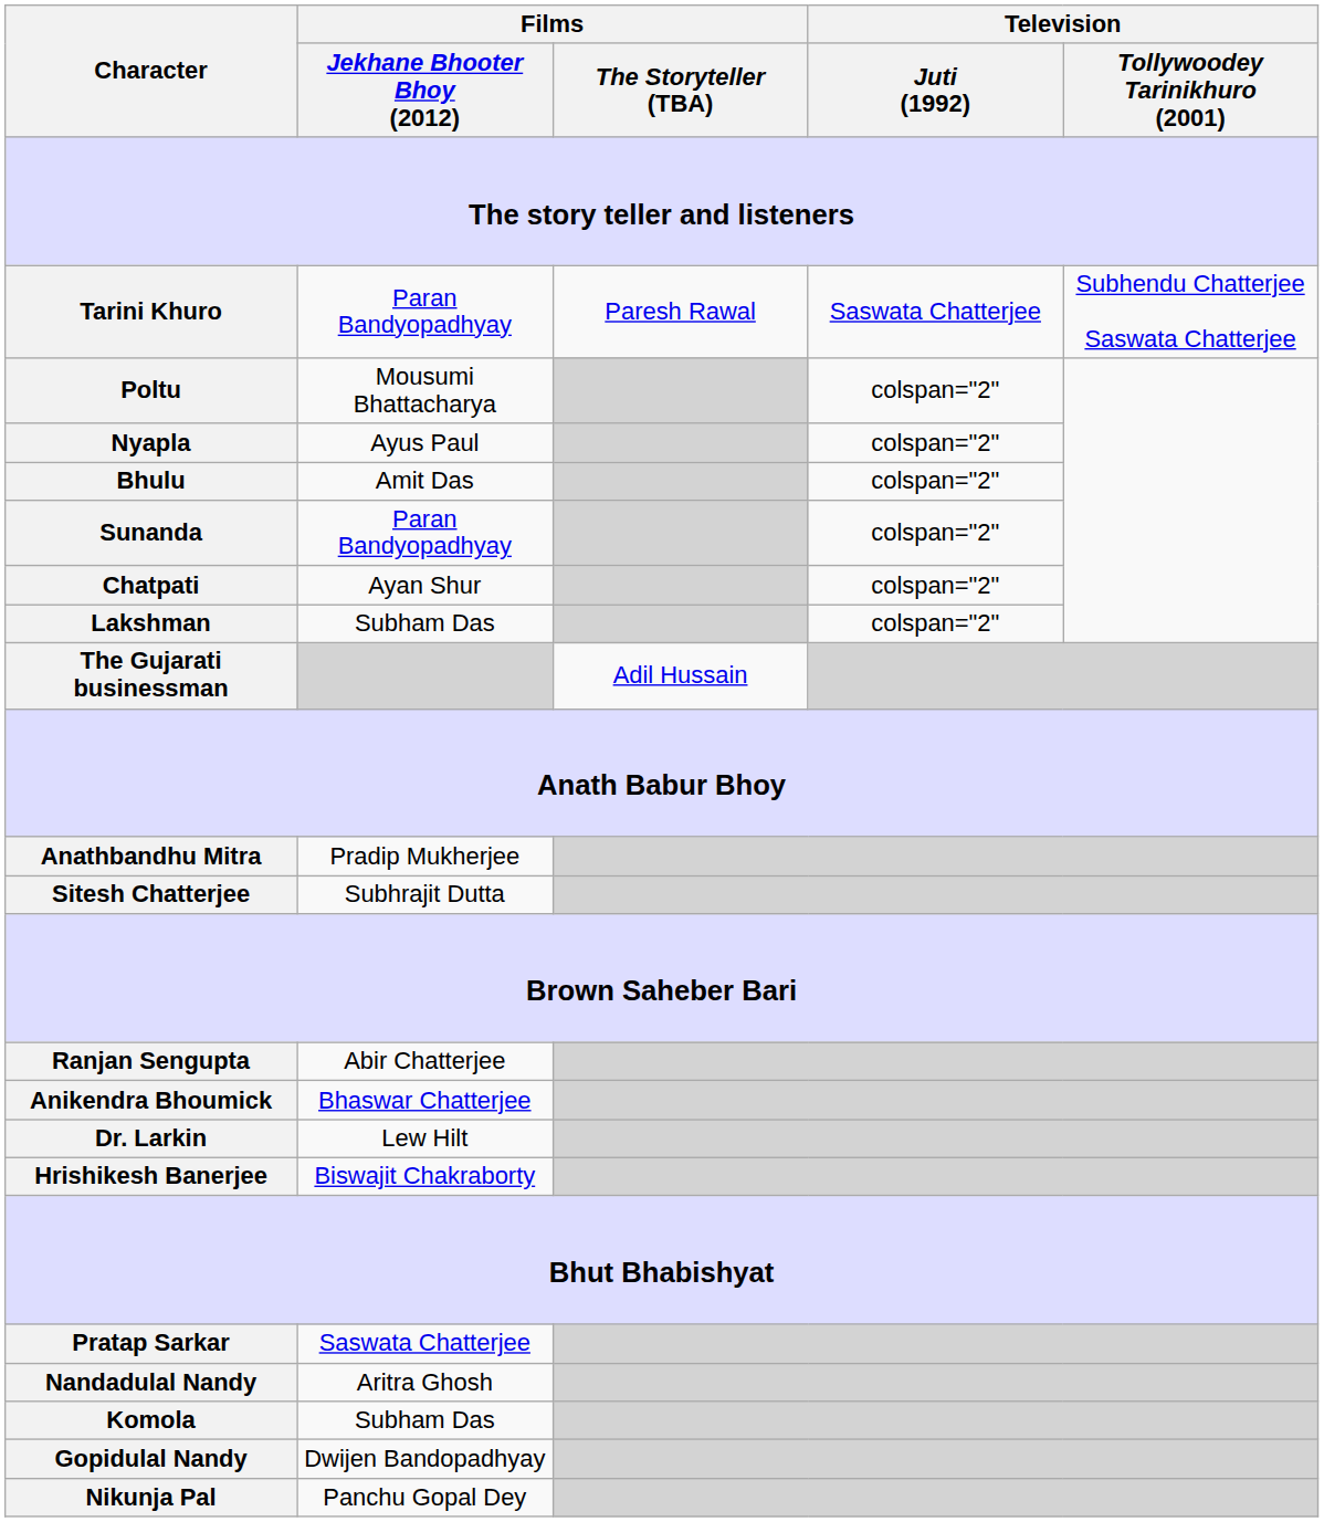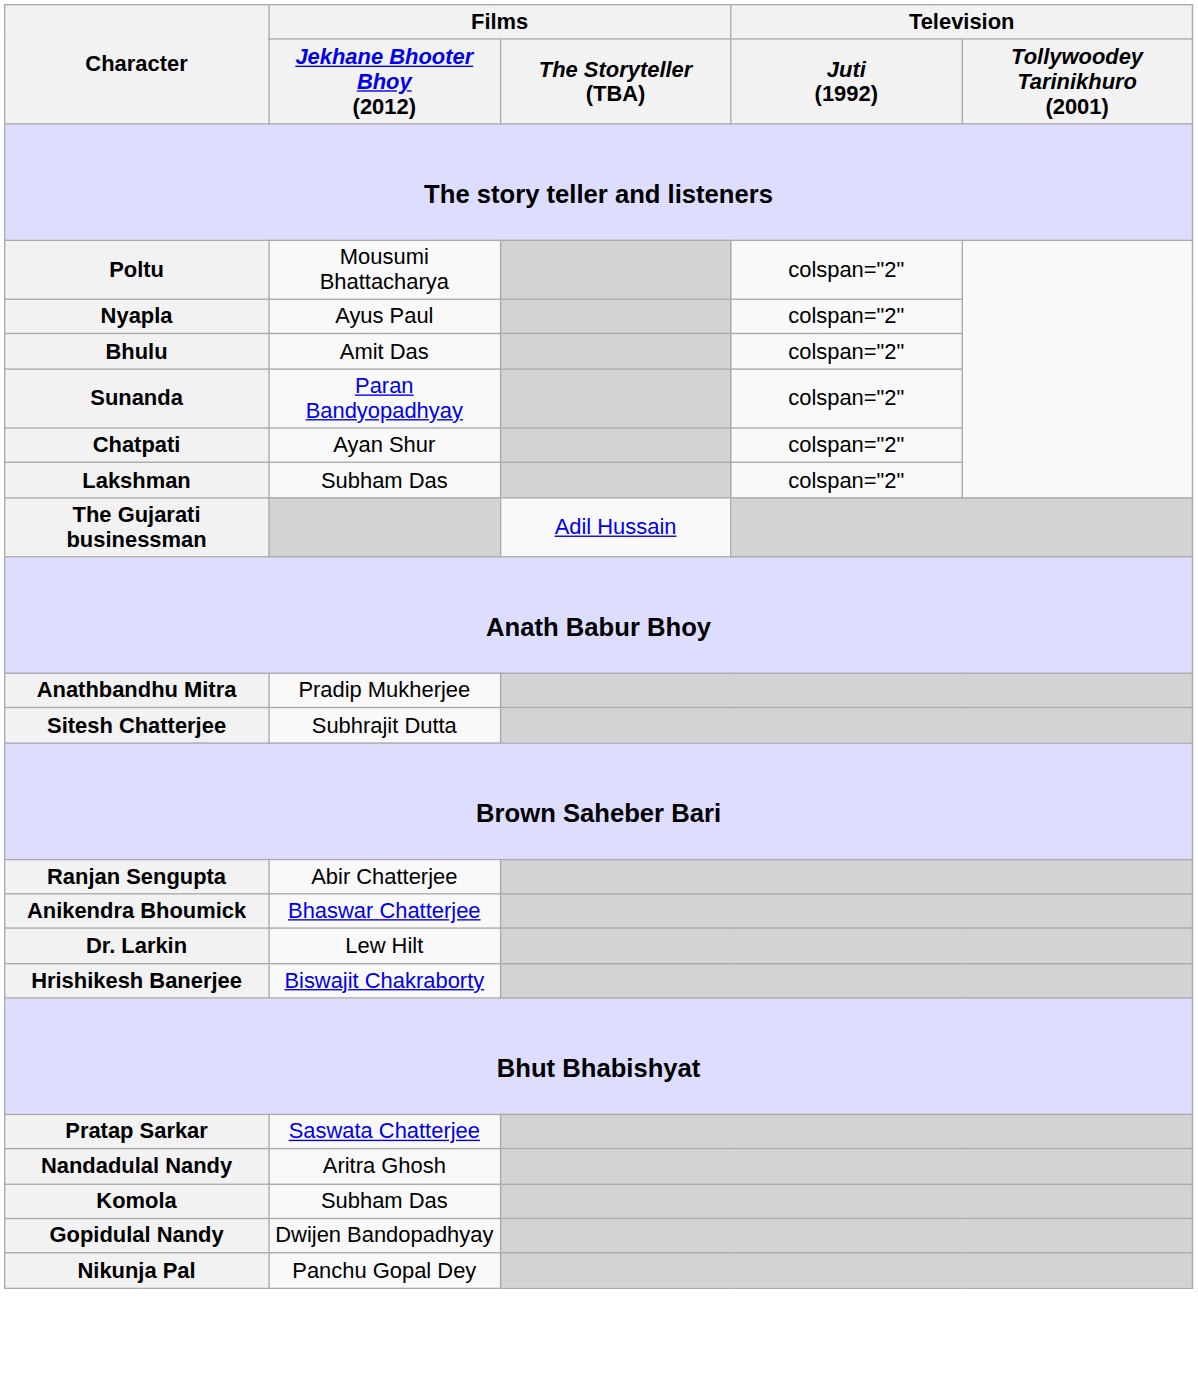 <table class="wikitable" style="text-align:center">
 <tr>
 <th rowspan="2" style="width:16%;">Character</th>
 <th colspan="2">Films</th>
 <th colspan="2">Television</th>
 </tr>
 <tr>
 <th align="center" width="14%"><em><a href='#'>Jekhane Bhooter Bhoy</a></em><br>(2012)</th>
 <th align="center" width="14%"><em>The Storyteller</em><br>(TBA)</th>
 <th align="center" width="14%"><em>Juti</em><br>(1992)</th>
 <th align="center" width="14%"><em>Tollywoodey Tarinikhuro</em><br>(2001)</th>
 </tr>
 <tr>
 <th colspan="5" style="background-color:#ddf;"><br><h3>The story teller and listeners</h3></th>
-</tr>
-<tr>
-<th>Tarini Khuro</th>
-<td><a href='#'>Paran Bandyopadhyay</a></td>
-<td><a href='#'>Paresh Rawal</a></td>
-<td><a href='#'>Saswata Chatterjee</a></td>
-<td><a href='#'>Subhendu Chatterjee</a><br><br><a href='#'>Saswata Chatterjee</a><br></td>
 </tr>
 <tr>
 <th>Poltu</th>
 <td>Mousumi Bhattacharya</td>
 <td colspan="1" style="background-color:#D3D3D3;"></td>
 <td>colspan="2" </td>
 </tr>
 <tr>
 <th>Nyapla</th>
 <td>Ayus Paul</td>
 <td colspan="1" style="background-color:#D3D3D3;"></td>
 <td>colspan="2" </td>
 </tr>
 <tr>
 <th>Bhulu</th>
 <td>Amit Das</td>
 <td colspan="1" style="background-color:#D3D3D3;"></td>
 <td>colspan="2" </td>
 </tr>
 <tr>
 <th>Sunanda</th>
 <td><a href='#'>Paran Bandyopadhyay</a></td>
 <td colspan="1" style="background-color:#D3D3D3;"></td>
 <td>colspan="2" </td>
 </tr>
 <tr>
 <th>Chatpati</th>
 <td>Ayan Shur</td>
 <td colspan="1" style="background-color:#D3D3D3;"></td>
 <td>colspan="2" </td>
 </tr>
 <tr>
 <th>Lakshman <br></th>
 <td>Subham Das</td>
 <td colspan="1" style="background-color:#D3D3D3;"></td>
 <td>colspan="2" </td>
 </tr>
 <tr>
 <th>The Gujarati businessman</th>
 <td colspan="1" style="background-color:#D3D3D3;"></td>
 <td><a href='#'>Adil Hussain</a></td>
 <td colspan="2" style="background-color:#D3D3D3;"></td>
 </tr>
 <tr>
 <th colspan="5" style="background-color:#ddf;"><br><h3>Anath Babur Bhoy</h3></th>
 </tr>
 <tr>
 <th>Anathbandhu Mitra</th>
 <td>Pradip Mukherjee</td>
 <td colspan="3" style="background-color:#D3D3D3;"></td>
 </tr>
 <tr>
 <th>Sitesh Chatterjee</th>
 <td>Subhrajit Dutta</td>
 <td colspan="3" style="background-color:#D3D3D3;"></td>
 </tr>
 <tr>
 <th colspan="5" style="background-color:#ddf;"><br><h3>Brown Saheber Bari</h3></th>
 </tr>
 <tr>
 <th>Ranjan Sengupta</th>
 <td>Abir Chatterjee</td>
 <td colspan="3" style="background-color:#D3D3D3;"></td>
 </tr>
 <tr>
 <th>Anikendra Bhoumick</th>
 <td><a href='#'>Bhaswar Chatterjee</a></td>
 <td colspan="3" style="background-color:#D3D3D3;"></td>
 </tr>
 <tr>
 <th>Dr. Larkin</th>
 <td>Lew Hilt</td>
 <td colspan="3" style="background-color:#D3D3D3;"></td>
 </tr>
 <tr>
 <th>Hrishikesh Banerjee</th>
 <td><a href='#'>Biswajit Chakraborty</a></td>
 <td colspan="3" style="background-color:#D3D3D3;"></td>
 </tr>
 <tr>
 <th colspan="5" style="background-color:#ddf;"><br><h3>Bhut Bhabishyat</h3></th>
 </tr>
 <tr>
 <th>Pratap Sarkar</th>
 <td><a href='#'>Saswata Chatterjee</a></td>
 <td colspan="3" style="background-color:#D3D3D3;"></td>
 </tr>
 <tr>
 <th>Nandadulal Nandy</th>
 <td>Aritra Ghosh</td>
 <td colspan="3" style="background-color:#D3D3D3;"></td>
 </tr>
 <tr>
 <th>Komola</th>
 <td>Subham Das</td>
 <td colspan="3" style="background-color:#D3D3D3;"></td>
 </tr>
 <tr>
 <th>Gopidulal Nandy</th>
 <td>Dwijen Bandopadhyay</td>
 <td colspan="3" style="background-color:#D3D3D3;"></td>
 </tr>
 <tr>
 <th>Nikunja Pal</th>
 <td>Panchu Gopal Dey</td>
 <td colspan="3" style="background-color:#D3D3D3;"></td>
 </tr>
 </table>
